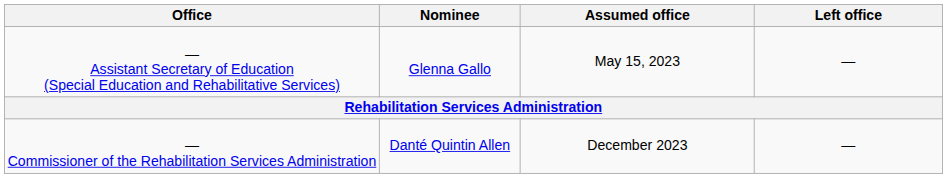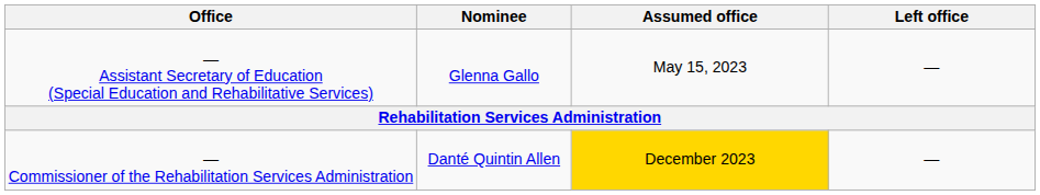 <table class="wikitable sortable" style="text-align:center">
 <tr>
 <th style="width:40%;">Office</th>
 <th style="width:15%;">Nominee</th>
 <th style="width:25%;" data-sort-type="date">Assumed office</th>
 <th style="width:20%;" data-sort-type="date">Left office</th>
 </tr>
 <tr>
 <td><br>—<br><a href='#'>Assistant Secretary of Education<br>(Special Education and Rehabilitative Services)</a></td>
 <td><br><a href='#'>Glenna Gallo</a></td>
 <td>May 15, 2023<br></td>
 <td>—</td>
 </tr>
 <tr>
 <th colspan=4><a href='#'>Rehabilitation Services Administration</a></th>
 </tr>
 <tr>
 <td><br>—<br><a href='#'>Commissioner of the Rehabilitation Services Administration</a></td>
 <td><a href='#'>Danté Quintin Allen</a></td>
-<td>December 2023<br></td>
+<td style="background: gold;">December 2023<br></td>
 <td>—</td>
 </tr>
 </table>
